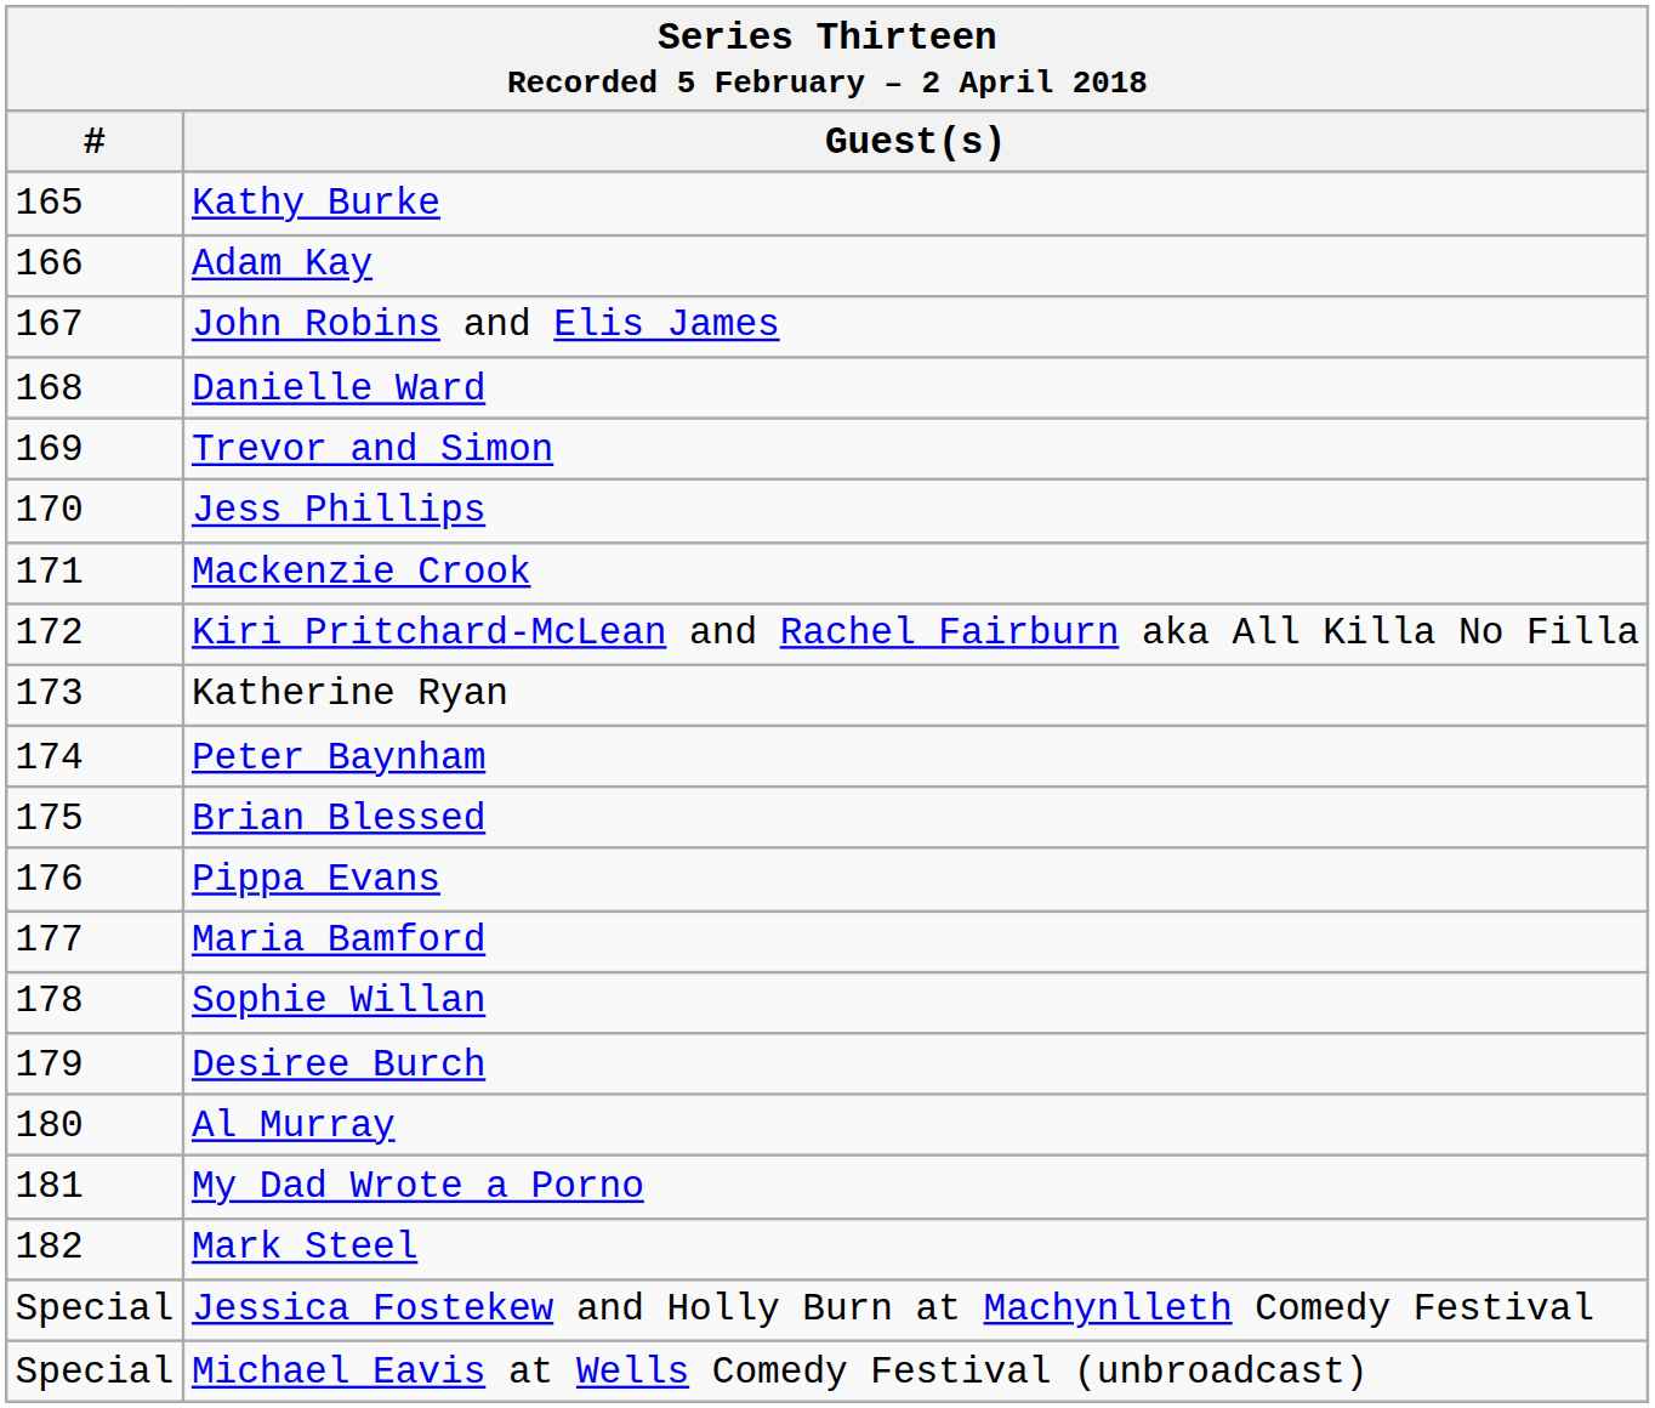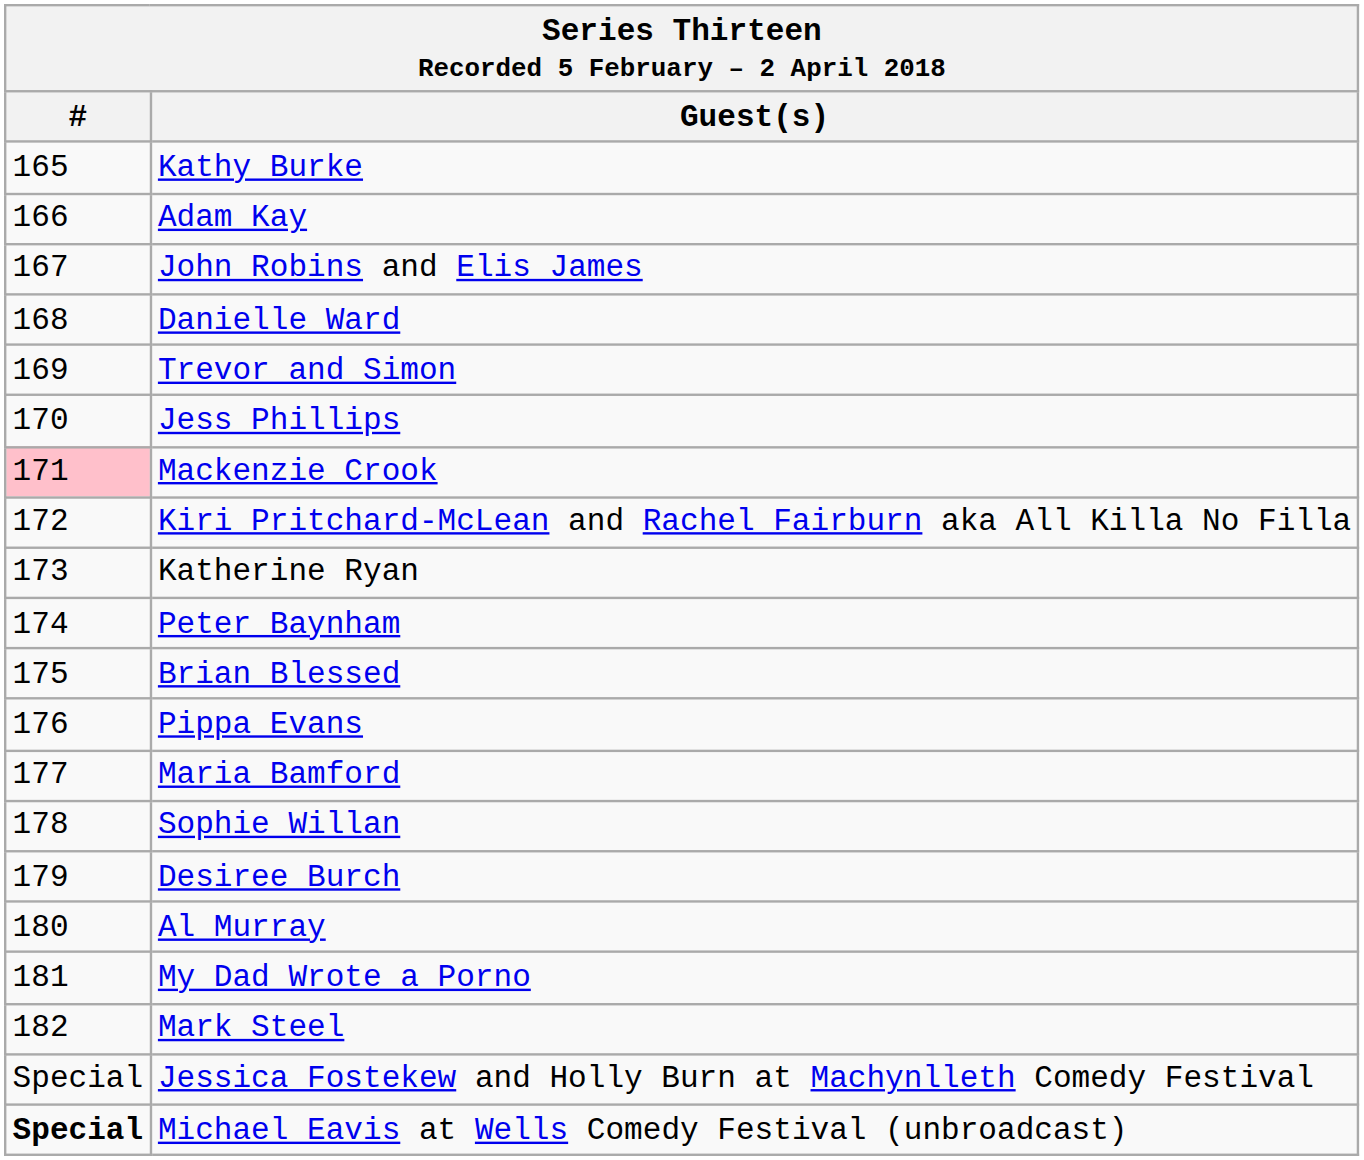 <table class="wikitable">
 <tr>
 <th colspan="3">Series Thirteen<br><small>Recorded 5 February – 2 April 2018</small></th>
 </tr>
 <tr>
 <th>#</th>
 <th>Guest(s)</th>
 </tr>
 <tr>
 <td>165</td>
 <td><a href='#'>Kathy Burke</a></td>
 </tr>
 <tr>
 <td>166</td>
 <td><a href='#'>Adam Kay</a></td>
 </tr>
 <tr>
 <td>167</td>
 <td><a href='#'>John Robins</a> and <a href='#'>Elis James</a></td>
 </tr>
 <tr>
 <td>168</td>
 <td><a href='#'>Danielle Ward</a></td>
 </tr>
 <tr>
 <td>169</td>
 <td><a href='#'>Trevor and Simon</a></td>
 </tr>
 <tr>
 <td>170</td>
 <td><a href='#'>Jess Phillips</a></td>
 </tr>
 <tr>
-<td>171</td>
+<td style="background: pink;">171</td>
 <td><a href='#'>Mackenzie Crook</a></td>
 </tr>
 <tr>
 <td>172</td>
 <td><a href='#'>Kiri Pritchard-McLean</a> and <a href='#'>Rachel Fairburn</a> aka All Killa No Filla</td>
 </tr>
 <tr>
 <td>173</td>
 <td>Katherine Ryan</td>
 </tr>
 <tr>
 <td>174</td>
 <td><a href='#'>Peter Baynham</a></td>
 </tr>
 <tr>
 <td>175</td>
 <td><a href='#'>Brian Blessed</a></td>
 </tr>
 <tr>
 <td>176</td>
 <td><a href='#'>Pippa Evans</a></td>
 </tr>
 <tr>
 <td>177</td>
 <td><a href='#'>Maria Bamford</a></td>
 </tr>
 <tr>
 <td>178</td>
 <td><a href='#'>Sophie Willan</a></td>
 </tr>
 <tr>
 <td>179</td>
 <td><a href='#'>Desiree Burch</a></td>
 </tr>
 <tr>
 <td>180</td>
 <td><a href='#'>Al Murray</a></td>
 </tr>
 <tr>
 <td>181</td>
 <td><a href='#'>My Dad Wrote a Porno</a></td>
 </tr>
 <tr>
 <td>182</td>
 <td><a href='#'>Mark Steel</a></td>
 </tr>
 <tr>
 <td>Special</td>
 <td><a href='#'>Jessica Fostekew</a> and Holly Burn at <a href='#'>Machynlleth</a> Comedy Festival</td>
 </tr>
 <tr>
-<td>Special</td>
+<td><strong>Special</strong></td>
 <td><a href='#'>Michael Eavis</a> at <a href='#'>Wells</a> Comedy Festival (unbroadcast)</td>
 </tr>
 </table>
